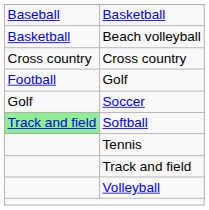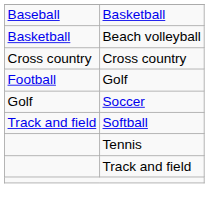 <table class="wikitable" style= " ">
 <tr>
 </tr>
 <tr>
 <td><a href='#'>Baseball</a></td>
 <td><a href='#'>Basketball</a></td>
 </tr>
 <tr>
 <td><a href='#'>Basketball</a></td>
 <td>Beach volleyball</td>
 </tr>
 <tr>
 <td>Cross country</td>
 <td>Cross country</td>
 </tr>
 <tr>
 <td><a href='#'>Football</a></td>
 <td>Golf</td>
 </tr>
 <tr>
 <td>Golf</td>
 <td><a href='#'>Soccer</a></td>
 </tr>
 <tr>
-<td style="background: lightgreen;"><a href='#'>Track and field</a></td>
+<td><a href='#'>Track and field</a></td>
 <td><a href='#'>Softball</a></td>
 </tr>
 <tr>
 <td></td>
 <td>Tennis</td>
 </tr>
 <tr>
 <td></td>
 <td>Track and field</td>
 </tr>
 <tr>
-<td></td>
-<td><a href='#'>Volleyball</a></td>
-</tr>
-<tr>
 <td colspan="2"></td>
 </tr>
 </table>
